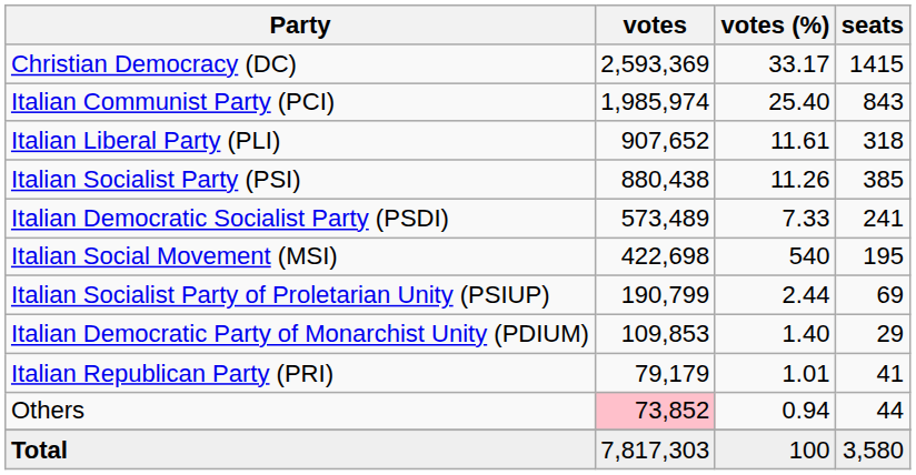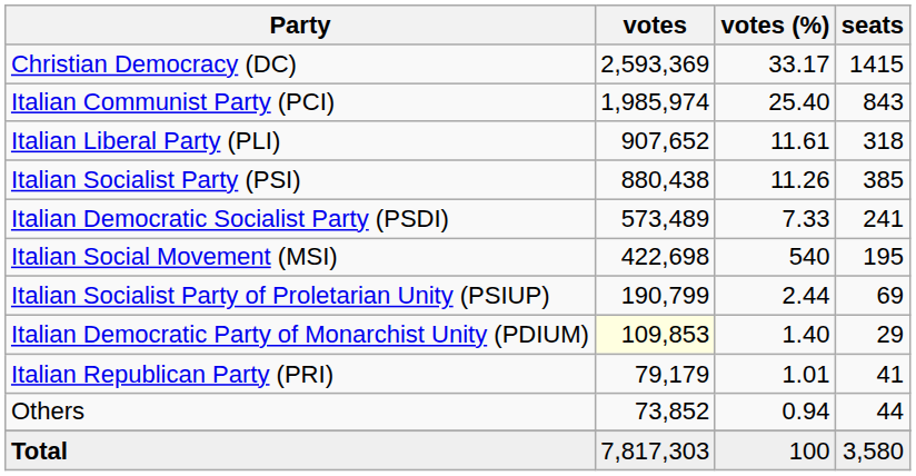 <table class="wikitable" style="font-size: 90%;">
 <tr bgcolor="EFEFEF">
 <th>Party</th>
 <th>votes</th>
 <th>votes (%)</th>
 <th>seats</th>
 </tr>
 <tr>
 <td><a href='#'>Christian Democracy</a> (DC)</td>
 <td align=right>2,593,369</td>
 <td align=right>33.17</td>
 <td align=right>1415</td>
 </tr>
 <tr>
 <td><a href='#'>Italian Communist Party</a> (PCI)</td>
 <td align=right>1,985,974</td>
 <td align=right>25.40</td>
 <td align=right>843</td>
 </tr>
 <tr>
 <td><a href='#'>Italian Liberal Party</a> (PLI)</td>
 <td align=right>907,652</td>
 <td align=right>11.61</td>
 <td align=right>318</td>
 </tr>
 <tr>
 <td><a href='#'>Italian Socialist Party</a> (PSI)</td>
 <td align=right>880,438</td>
 <td align=right>11.26</td>
 <td align=right>385</td>
 </tr>
 <tr>
 <td><a href='#'>Italian Democratic Socialist Party</a> (PSDI)</td>
 <td align=right>573,489</td>
 <td align=right>7.33</td>
 <td align=right>241</td>
 </tr>
 <tr>
 <td><a href='#'>Italian Social Movement</a> (MSI)</td>
 <td align=right>422,698</td>
 <td align=right>540</td>
 <td align=right>195</td>
 </tr>
 <tr>
 <td><a href='#'>Italian Socialist Party of Proletarian Unity</a> (PSIUP)</td>
 <td align=right>190,799</td>
 <td align=right>2.44</td>
 <td align=right>69</td>
 </tr>
 <tr>
 <td><a href='#'>Italian Democratic Party of Monarchist Unity</a> (PDIUM)</td>
-<td align=right>109,853</td>
+<td align=right style="background: lightyellow;">109,853</td>
 <td align=right>1.40</td>
 <td align=right>29</td>
 </tr>
 <tr>
 <td><a href='#'>Italian Republican Party</a> (PRI)</td>
 <td align=right>79,179</td>
 <td align=right>1.01</td>
 <td align=right>41</td>
 </tr>
 <tr>
 <td>Others</td>
-<td align=right style="background: pink;">73,852</td>
+<td align=right>73,852</td>
 <td align=right>0.94</td>
 <td align=right>44</td>
 </tr>
 <tr>
 </tr>
 <tr bgcolor="EFEFEF">
 <td align=left><strong>Total</strong></td>
 <td align=right>7,817,303</td>
 <td align=right>100</td>
 <td align=right>3,580</td>
 </tr>
 </table>
